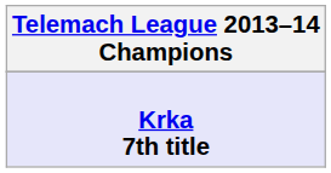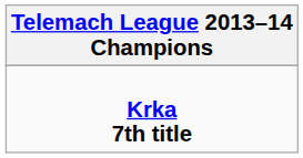 <table class="wikitable" style="text-align: center; margin: 0 auto;">
 <tr>
 <th><a href='#'>Telemach League</a> 2013–14<br>Champions</th>
 </tr>
 <tr>
 </tr>
 <tr>
-<td style="background: lavender;"> <br><strong><a href='#'>Krka</a></strong><br><strong>7th title</strong></td>
+<td> <br><strong><a href='#'>Krka</a></strong><br><strong>7th title</strong></td>
 </tr>
 </table>
